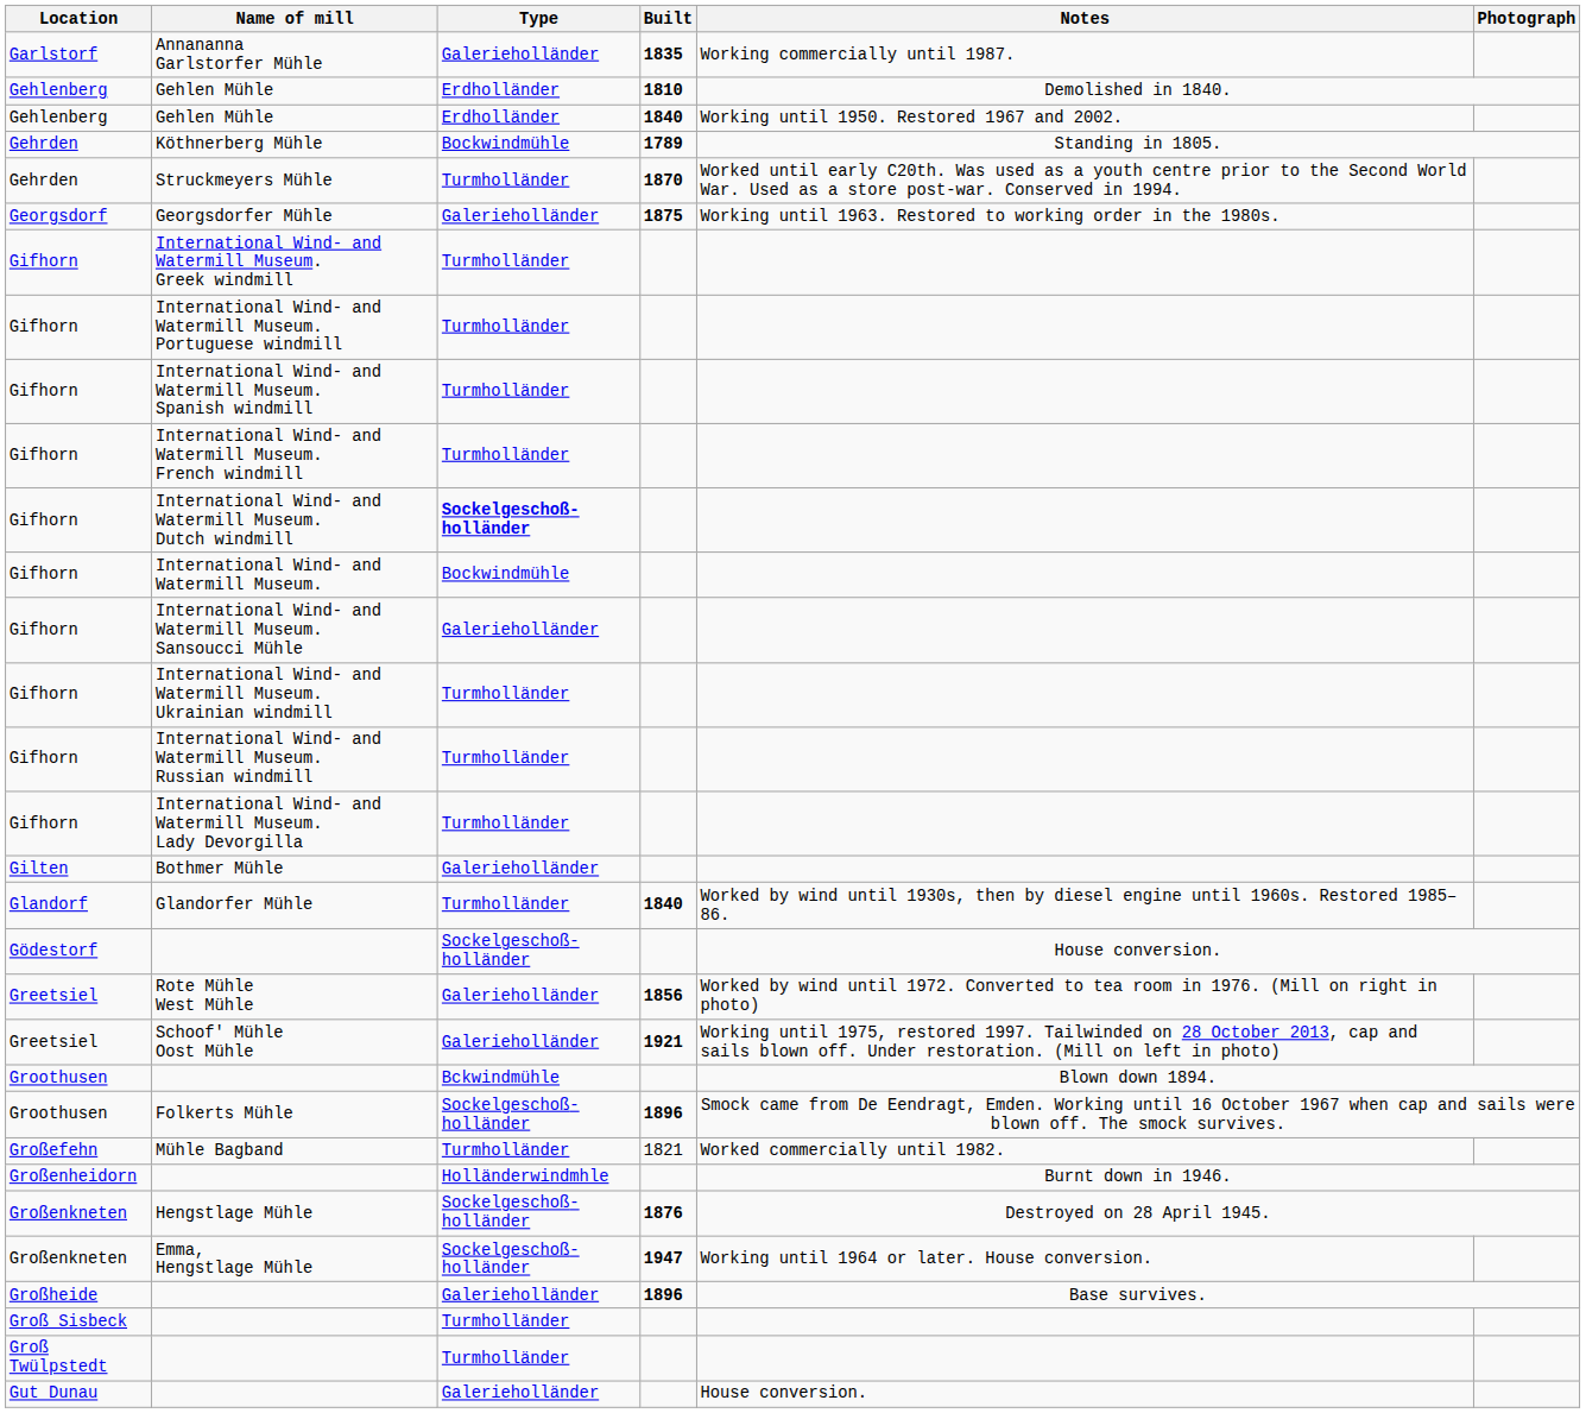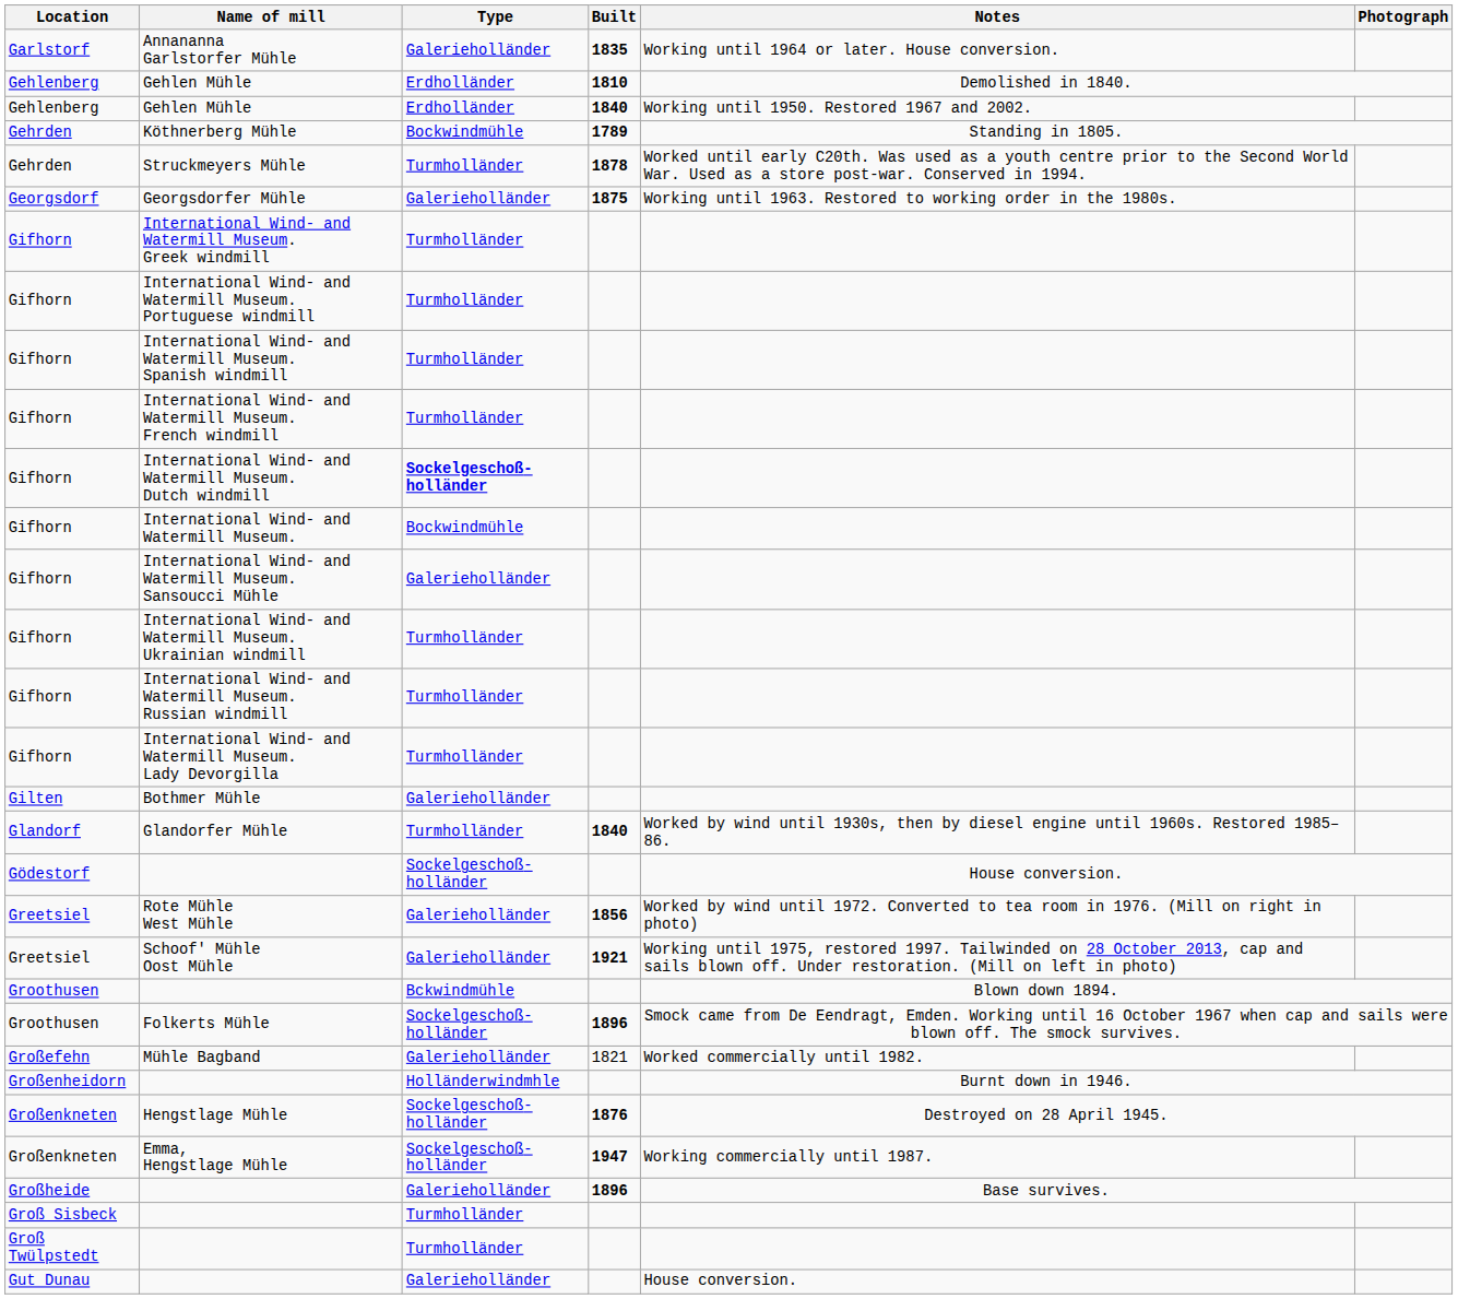 <table class="wikitable sortable">
 <tr>
 <th>Location</th>
 <th>Name of mill</th>
 <th>Type</th>
 <th>Built</th>
 <th class="unsortable">Notes</th>
 <th class="unsortable">Photograph</th>
 </tr>
 <tr>
 <td><a href='#'>Garlstorf</a></td>
 <td>Annananna<br>Garlstorfer Mühle</td>
 <td><a href='#'>Galerieholländer</a></td>
 <td><strong>1835</strong></td>
-<td>Working commercially until 1987.</td>
+<td>Working until 1964 or later. House conversion.</td>
 <td></td>
 </tr>
 <tr>
 <td><a href='#'>Gehlenberg</a></td>
 <td>Gehlen Mühle</td>
 <td><a href='#'>Erdholländer</a></td>
 <td><strong>1810</strong></td>
 <td colspan="2" style="text-align:center;">Demolished in 1840.</td>
 </tr>
 <tr>
 <td>Gehlenberg</td>
 <td>Gehlen Mühle</td>
 <td><a href='#'>Erdholländer</a></td>
 <td><strong>1840</strong></td>
 <td>Working until 1950. Restored 1967 and 2002.</td>
 <td></td>
 </tr>
 <tr>
 <td><a href='#'>Gehrden</a></td>
 <td>Köthnerberg Mühle</td>
 <td><a href='#'>Bockwindmühle</a></td>
 <td><strong>1789</strong></td>
 <td colspan="2" style="text-align:center;">Standing in 1805.</td>
 </tr>
 <tr>
 <td>Gehrden</td>
 <td>Struckmeyers Mühle</td>
 <td><a href='#'>Turmholländer</a></td>
-<td><strong>1870</strong></td>
+<td><strong>1878</strong></td>
 <td>Worked until early C20th. Was used as a youth centre prior to the Second World War. Used as a store post-war. Conserved in 1994.</td>
 <td></td>
 </tr>
 <tr>
 <td><a href='#'>Georgsdorf</a></td>
 <td>Georgsdorfer Mühle</td>
 <td><a href='#'>Galerieholländer</a></td>
 <td><strong>1875</strong></td>
 <td>Working until 1963. Restored to working order in the 1980s.</td>
 <td></td>
 </tr>
 <tr>
 <td><a href='#'>Gifhorn</a></td>
 <td><a href='#'>International Wind- and Watermill Museum</a>.<br>Greek windmill</td>
 <td><a href='#'>Turmholländer</a></td>
 <td></td>
 <td></td>
 <td></td>
 </tr>
 <tr>
 <td>Gifhorn</td>
 <td>International Wind- and Watermill Museum.<br>Portuguese windmill</td>
 <td><a href='#'>Turmholländer</a></td>
 <td></td>
 <td></td>
 <td></td>
 </tr>
 <tr>
 <td>Gifhorn</td>
 <td>International Wind- and Watermill Museum.<br>Spanish windmill</td>
 <td><a href='#'>Turmholländer</a></td>
 <td></td>
 <td></td>
 <td></td>
 </tr>
 <tr>
 <td>Gifhorn</td>
 <td>International Wind- and Watermill Museum.<br>French windmill</td>
 <td><a href='#'>Turmholländer</a></td>
 <td></td>
 <td></td>
 <td></td>
 </tr>
 <tr>
 <td>Gifhorn</td>
 <td>International Wind- and Watermill Museum.<br>Dutch windmill</td>
 <td><strong><a href='#'>Sockelgeschoß­holländer</a></strong></td>
 <td></td>
 <td></td>
 <td></td>
 </tr>
 <tr>
 <td>Gifhorn</td>
 <td>International Wind- and Watermill Museum.</td>
 <td><a href='#'>Bockwindmühle</a></td>
 <td></td>
 <td></td>
 <td></td>
 </tr>
 <tr>
 <td>Gifhorn</td>
 <td>International Wind- and Watermill Museum.<br>Sansoucci Mühle</td>
 <td><a href='#'>Galerieholländer</a></td>
 <td></td>
 <td></td>
 <td></td>
 </tr>
 <tr>
 <td>Gifhorn</td>
 <td>International Wind- and Watermill Museum.<br>Ukrainian windmill</td>
 <td><a href='#'>Turmholländer</a></td>
 <td></td>
 <td></td>
 <td></td>
 </tr>
 <tr>
 <td>Gifhorn</td>
 <td>International Wind- and Watermill Museum.<br>Russian windmill</td>
 <td><a href='#'>Turmholländer</a></td>
 <td></td>
 <td></td>
 <td></td>
 </tr>
 <tr>
 <td>Gifhorn</td>
 <td>International Wind- and Watermill Museum.<br>Lady Devorgilla</td>
 <td><a href='#'>Turmholländer</a></td>
 <td></td>
 <td></td>
 <td></td>
 </tr>
 <tr>
 <td><a href='#'>Gilten</a></td>
 <td>Bothmer Mühle</td>
 <td><a href='#'>Galerieholländer</a></td>
 <td></td>
 <td></td>
 <td></td>
 </tr>
 <tr>
 <td><a href='#'>Glandorf</a></td>
 <td>Glandorfer Mühle</td>
 <td><a href='#'>Turmholländer</a></td>
 <td><strong>1840</strong></td>
 <td>Worked by wind until 1930s, then by diesel engine until 1960s. Restored 1985–86.</td>
 <td></td>
 </tr>
 <tr>
 <td><a href='#'>Gödestorf</a></td>
 <td></td>
 <td><a href='#'>Sockelgeschoß­holländer</a></td>
 <td></td>
 <td colspan="2" style="text-align:center;">House conversion.</td>
 </tr>
 <tr>
 <td><a href='#'>Greetsiel</a></td>
 <td>Rote Mühle<br>West Mühle</td>
 <td><a href='#'>Galerieholländer</a></td>
 <td><strong>1856</strong></td>
 <td>Worked by wind until 1972. Converted to tea room in 1976. (Mill on right in photo)</td>
 <td></td>
 </tr>
 <tr>
 <td>Greetsiel</td>
 <td>Schoof' Mühle<br>Oost Mühle</td>
 <td><a href='#'>Galerieholländer</a></td>
 <td><strong>1921</strong></td>
 <td>Working until 1975, restored 1997. Tailwinded on <a href='#'>28 October 2013</a>, cap and sails blown off. Under restoration. (Mill on left in photo)</td>
 <td></td>
 </tr>
 <tr>
 <td><a href='#'>Groothusen</a></td>
 <td></td>
 <td><a href='#'>Bckwindmühle</a></td>
 <td></td>
 <td colspan="2" style="text-align:center;">Blown down 1894.</td>
 </tr>
 <tr>
 <td>Groothusen</td>
 <td>Folkerts Mühle</td>
 <td><a href='#'>Sockelgeschoß­holländer</a></td>
 <td><strong>1896</strong></td>
 <td colspan="2" style="text-align:center;">Smock came from De Eendragt, Emden. Working until 16 October 1967 when cap and sails were blown off. The smock survives.</td>
 </tr>
 <tr>
 <td><a href='#'>Großefehn</a></td>
 <td>Mühle Bagband</td>
-<td><a href='#'>Turmholländer</a></td>
+<td><a href='#'>Galerieholländer</a></td>
 <td>1821</td>
 <td>Worked commercially until 1982.</td>
 <td></td>
 </tr>
 <tr>
 <td><a href='#'>Großenheidorn</a></td>
 <td></td>
 <td><a href='#'>Holländerwindmhle</a></td>
 <td></td>
 <td colspan="2" style="text-align:center;">Burnt down in 1946.</td>
 </tr>
 <tr>
 <td><a href='#'>Großenkneten</a></td>
 <td>Hengstlage Mühle</td>
 <td><a href='#'>Sockelgeschoß­holländer</a></td>
 <td><strong>1876</strong></td>
 <td colspan="2" style="text-align:center;">Destroyed on 28 April 1945.</td>
 </tr>
 <tr>
 <td>Großenkneten</td>
 <td>Emma,<br>Hengstlage Mühle</td>
 <td><a href='#'>Sockelgeschoß­holländer</a></td>
 <td><strong>1947</strong></td>
-<td>Working until 1964 or later. House conversion.</td>
+<td>Working commercially until 1987.</td>
 <td></td>
 </tr>
 <tr>
 <td><a href='#'>Großheide</a></td>
 <td></td>
 <td><a href='#'>Galerieholländer</a></td>
 <td><strong>1896</strong></td>
 <td colspan="2" style="text-align:center;">Base survives.</td>
 </tr>
 <tr>
 <td><a href='#'>Groß Sisbeck</a></td>
 <td></td>
 <td><a href='#'>Turmholländer</a></td>
 <td></td>
 <td></td>
 <td></td>
 </tr>
 <tr>
 <td><a href='#'>Groß Twülpstedt</a></td>
 <td></td>
 <td><a href='#'>Turmholländer</a></td>
 <td></td>
 <td></td>
 <td></td>
 </tr>
 <tr>
 <td><a href='#'>Gut Dunau</a></td>
 <td></td>
 <td><a href='#'>Galerieholländer</a></td>
 <td></td>
 <td>House conversion.</td>
 <td></td>
 </tr>
 </table>
